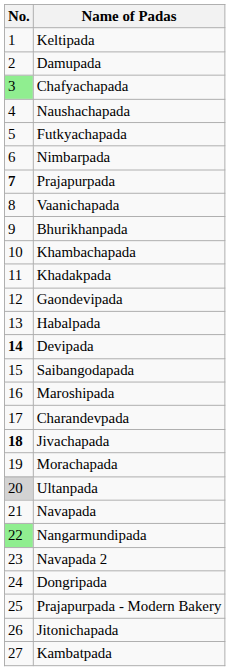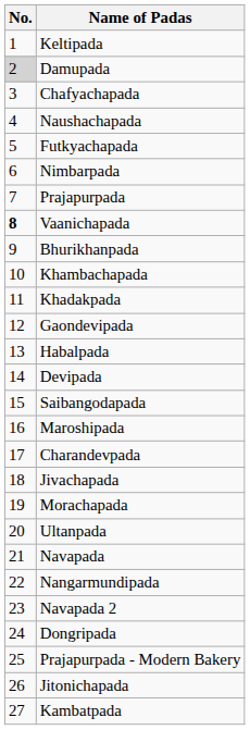 <table class="wikitable sortable mw-collapsible">
 <tr>
 <th>No.</th>
 <th>Name of Padas</th>
 </tr>
 <tr>
 <td>1</td>
 <td>Keltipada</td>
 </tr>
 <tr>
-<td>2</td>
+<td style="background: lightgrey;">2</td>
 <td>Damupada</td>
 </tr>
 <tr>
-<td style="background: lightgreen;">3</td>
+<td>3</td>
 <td>Chafyachapada</td>
 </tr>
 <tr>
 <td>4</td>
 <td>Naushachapada</td>
 </tr>
 <tr>
 <td>5</td>
 <td>Futkyachapada</td>
 </tr>
 <tr>
 <td>6</td>
 <td>Nimbarpada</td>
 </tr>
 <tr>
-<td><strong>7</strong></td>
+<td>7</td>
 <td>Prajapurpada</td>
 </tr>
 <tr>
-<td>8</td>
+<td><strong>8</strong></td>
 <td>Vaanichapada</td>
 </tr>
 <tr>
 <td>9</td>
 <td>Bhurikhanpada</td>
 </tr>
 <tr>
 <td>10</td>
 <td>Khambachapada</td>
 </tr>
 <tr>
 <td>11</td>
 <td>Khadakpada</td>
 </tr>
 <tr>
 <td>12</td>
 <td>Gaondevipada</td>
 </tr>
 <tr>
 <td>13</td>
 <td>Habalpada</td>
 </tr>
 <tr>
-<td><strong>14</strong></td>
+<td>14</td>
 <td>Devipada</td>
 </tr>
 <tr>
 <td>15</td>
 <td>Saibangodapada</td>
 </tr>
 <tr>
 <td>16</td>
 <td>Maroshipada</td>
 </tr>
 <tr>
 <td>17</td>
 <td>Charandevpada</td>
 </tr>
 <tr>
-<td><strong>18</strong></td>
+<td>18</td>
 <td>Jivachapada</td>
 </tr>
 <tr>
 <td>19</td>
 <td>Morachapada</td>
 </tr>
 <tr>
-<td style="background: lightgrey;">20</td>
+<td>20</td>
 <td>Ultanpada</td>
 </tr>
 <tr>
 <td>21</td>
 <td>Navapada</td>
 </tr>
 <tr>
-<td style="background: lightgreen;">22</td>
+<td>22</td>
 <td>Nangarmundipada</td>
 </tr>
 <tr>
 <td>23</td>
 <td>Navapada 2</td>
 </tr>
 <tr>
 <td>24</td>
 <td>Dongripada</td>
 </tr>
 <tr>
 <td>25</td>
 <td>Prajapurpada - Modern Bakery</td>
 </tr>
 <tr>
 <td>26</td>
 <td>Jitonichapada</td>
 </tr>
 <tr>
 <td>27</td>
 <td>Kambatpada</td>
 </tr>
 </table>
